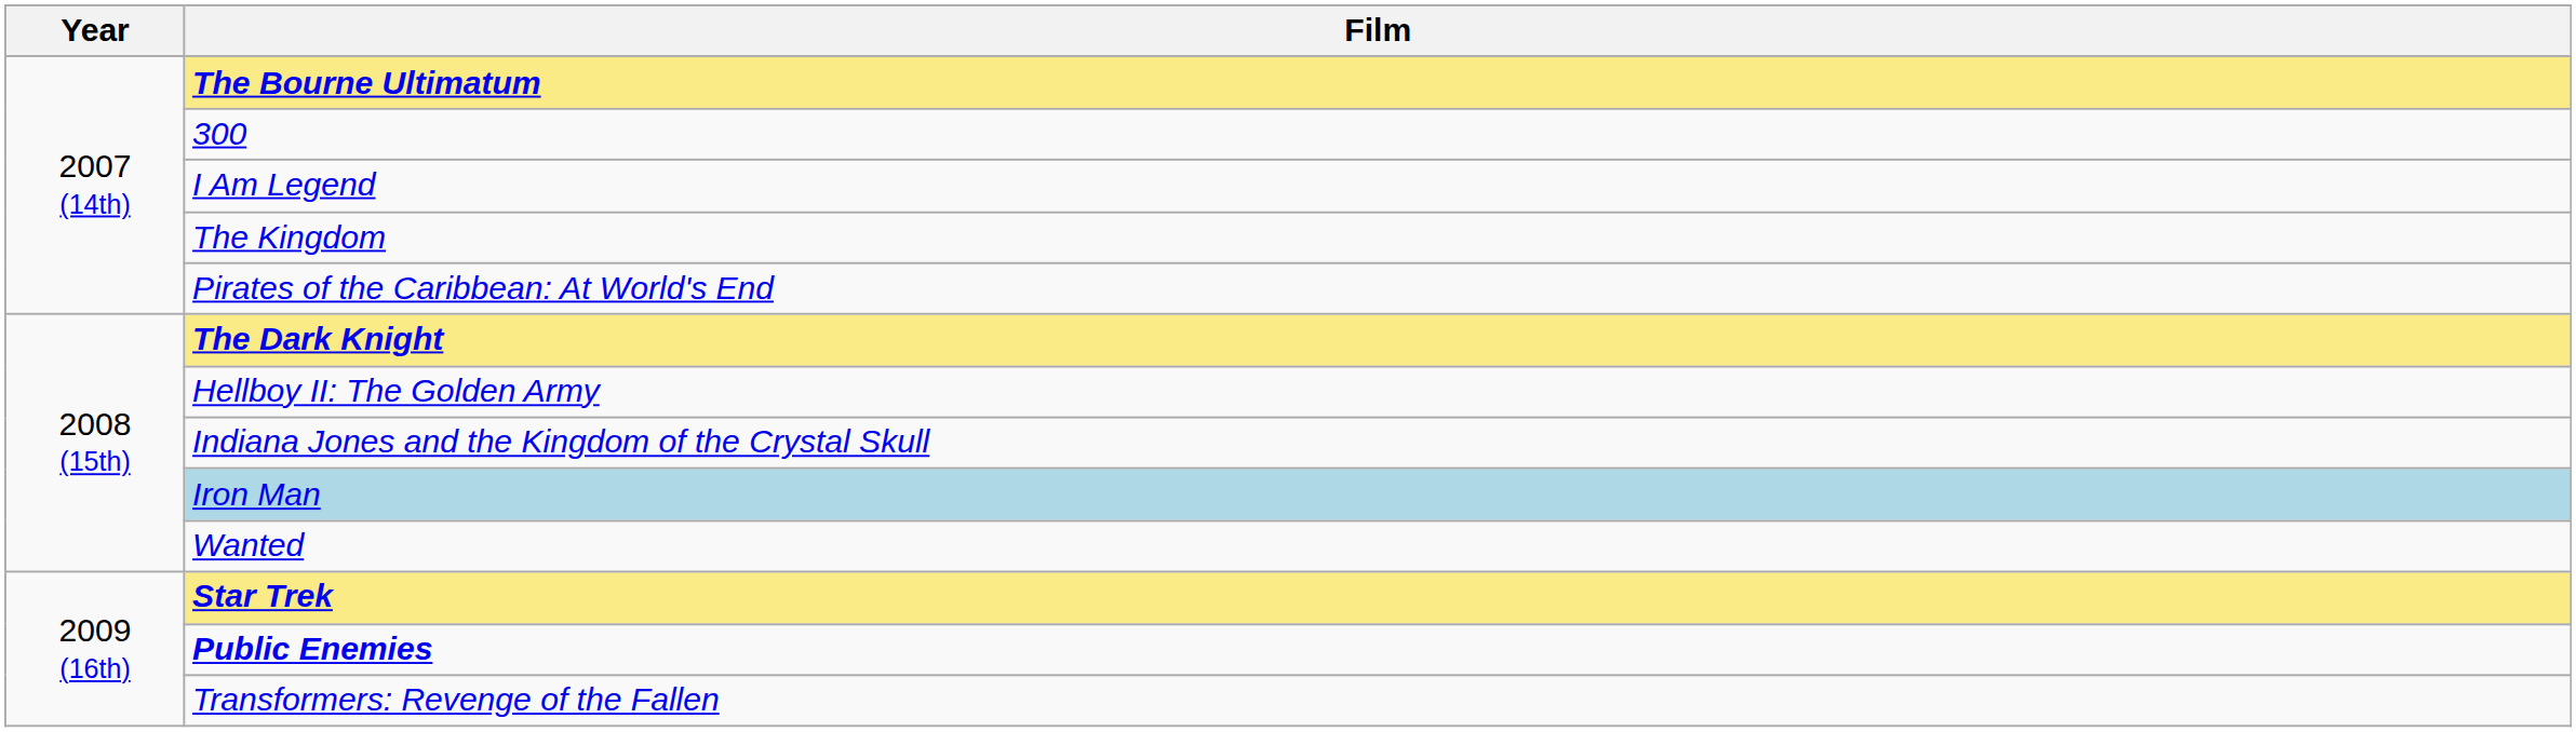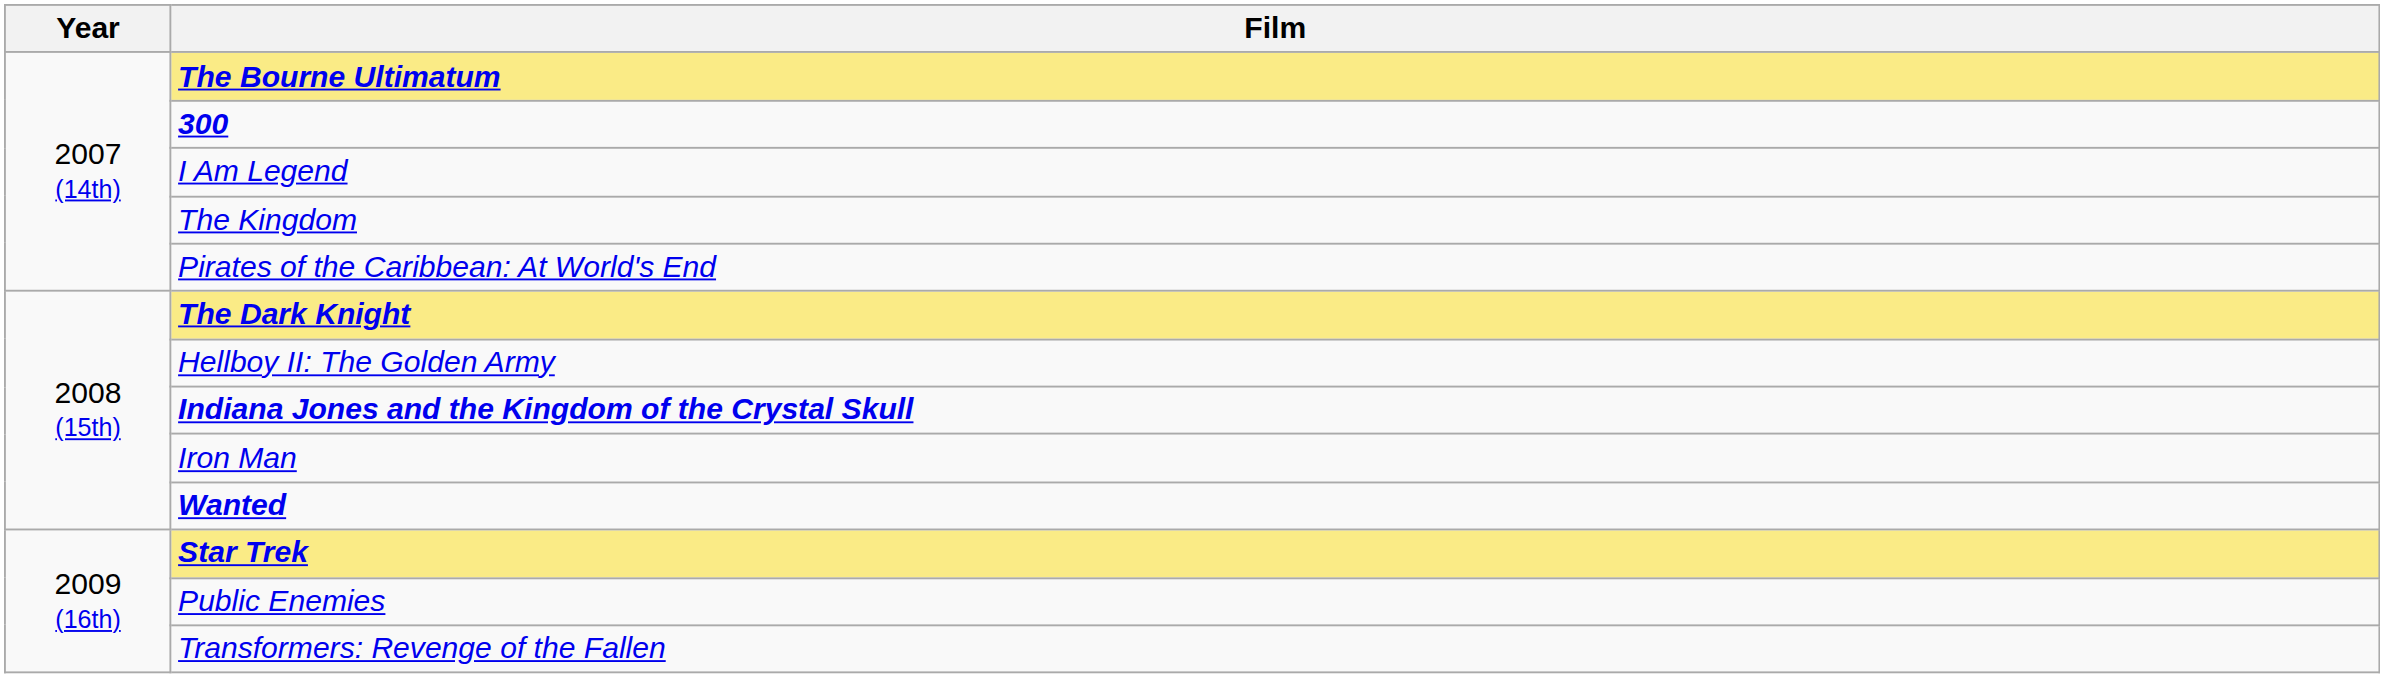 <table class="wikitable" width="100%" cellpadding="5">
 <tr>
 <th width="7%">Year</th>
 <th width="93%">Film</th>
 </tr>
 <tr>
 <td rowspan="5" align="center">2007<br><small><a href='#'>(14th)</a> </small></td>
 <td style="background:#FAEB86;"><strong><em><a href='#'>The Bourne Ultimatum</a></em></strong></td>
 </tr>
 <tr>
-<td><em><a href='#'>300</a></em></td>
+<td><strong><em><a href='#'>300</a></em></strong></td>
 </tr>
 <tr>
 <td><em><a href='#'>I Am Legend</a></em></td>
 </tr>
 <tr>
 <td><em><a href='#'>The Kingdom</a></em></td>
 </tr>
 <tr>
 <td><em><a href='#'>Pirates of the Caribbean: At World's End</a></em></td>
 </tr>
 <tr>
 <td rowspan="5" align="center">2008<br><small><a href='#'>(15th)</a> </small></td>
 <td style="background:#FAEB86;"><strong><em><a href='#'>The Dark Knight</a></em></strong></td>
 </tr>
 <tr>
 <td><em><a href='#'>Hellboy II: The Golden Army</a></em></td>
 </tr>
 <tr>
-<td><em><a href='#'>Indiana Jones and the Kingdom of the Crystal Skull</a></em></td>
+<td><strong><em><a href='#'>Indiana Jones and the Kingdom of the Crystal Skull</a></em></strong></td>
 </tr>
 <tr>
-<td style="background: lightblue;"><em><a href='#'>Iron Man</a></em></td>
+<td><em><a href='#'>Iron Man</a></em></td>
 </tr>
 <tr>
-<td><em><a href='#'>Wanted</a></em></td>
+<td><strong><em><a href='#'>Wanted</a></em></strong></td>
 </tr>
 <tr>
 <td rowspan="3" align="center">2009<br><small><a href='#'>(16th)</a> </small></td>
 <td style="background:#FAEB86;"><strong><em><a href='#'>Star Trek</a></em></strong></td>
 </tr>
 <tr>
-<td><strong><em><a href='#'>Public Enemies</a></em></strong></td>
+<td><em><a href='#'>Public Enemies</a></em></td>
 </tr>
 <tr>
 <td><em><a href='#'>Transformers: Revenge of the Fallen</a></em></td>
 </tr>
 </table>
